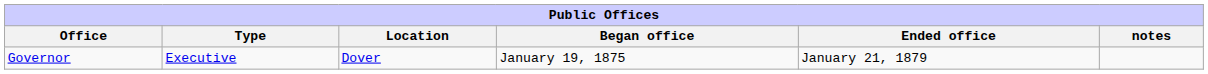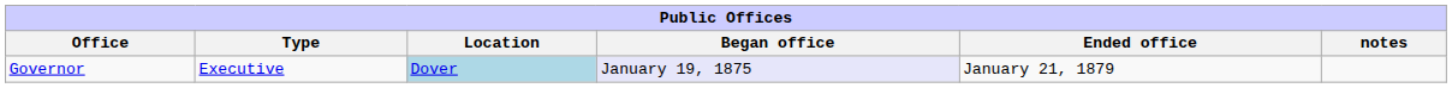 <table class=wikitable style="width: 94%" style="text-align: center;" align="center">
 <tr bgcolor=#cccccc>
 <th colspan=7 style="background: #ccccff;">Public Offices</th>
 </tr>
 <tr>
 <th><strong>Office</strong></th>
 <th><strong>Type</strong></th>
 <th><strong>Location</strong></th>
 <th><strong>Began office</strong></th>
 <th><strong>Ended office</strong></th>
 <th><strong>notes</strong></th>
 </tr>
 <tr>
 <td><a href='#'>Governor</a></td>
 <td><a href='#'>Executive</a></td>
-<td><a href='#'>Dover</a></td>
-<td>January 19, 1875</td>
+<td style="background: lightblue;"><a href='#'>Dover</a></td>
+<td style="background: lavender;">January 19, 1875</td>
 <td>January 21, 1879</td>
 <td></td>
 </tr>
 </table>
